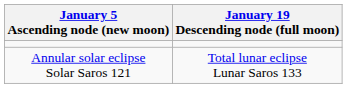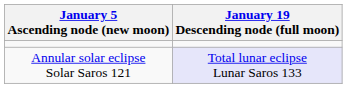 <table class="wikitable">
 <tr>
 <th><a href='#'>January 5</a><br>Ascending node (new moon)<br></th>
 <th><a href='#'>January 19</a><br>Descending node (full moon)</th>
 </tr>
 <tr>
 <td></td>
 <td></td>
 </tr>
 <tr align=center>
 <td><a href='#'>Annular solar eclipse</a><br>Solar Saros 121</td>
-<td><a href='#'>Total lunar eclipse</a><br>Lunar Saros 133</td>
+<td style="background: lavender;"><a href='#'>Total lunar eclipse</a><br>Lunar Saros 133</td>
 </tr>
 </table>
